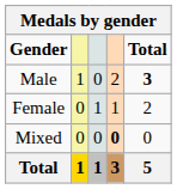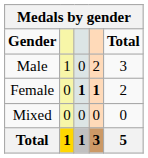 <table class="wikitable" style="font-size:85%;">
 <tr style="background:#efefef;">
 <th colspan=5><strong>Medals by gender</strong></th>
 </tr>
 <tr align=center>
 <td><strong>Gender</strong></td>
 <td style="background:#f7f6a8;"></td>
 <td style="background:#dce5e5;"></td>
 <td style="background:#ffdab9;"></td>
 <td><strong>Total</strong></td>
 </tr>
 <tr align=center>
 <td>Male</td>
 <td style="background:#F7F6A8;">1</td>
 <td style="background:#DCE5E5;">0</td>
 <td style="background:#FFDAB9;">2</td>
-<td><strong>3</strong></td>
+<td>3</td>
 </tr>
 <tr align=center>
 <td>Female</td>
 <td style="background:#F7F6A8;">0</td>
-<td style="background:#DCE5E5;">1</td>
-<td style="background:#FFDAB9;">1</td>
+<td style="background:#DCE5E5;"><strong>1</strong></td>
+<td style="background:#FFDAB9;"><strong>1</strong></td>
 <td>2</td>
 </tr>
 <tr align=center>
 <td>Mixed</td>
 <td style="background:#F7F6A8;">0</td>
 <td style="background:#DCE5E5;">0</td>
-<td style="background:#FFDAB9;"><strong>0</strong></td>
+<td style="background:#FFDAB9;">0</td>
 <td>0</td>
 </tr>
 <tr align=center>
 <th><strong>Total</strong></th>
 <th style="background:gold;"><strong>1</strong></th>
 <th style="background:silver;"><strong>1</strong></th>
 <th style="background:#c96;"><strong>3</strong></th>
 <th><strong>5</strong></th>
 </tr>
 </table>
